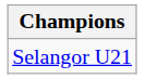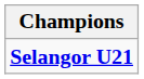 <table class="wikitable" style="text-align: center; margin: 0 auto;">
 <tr>
 <th>Champions</th>
 </tr>
 <tr>
-<td> <a href='#'>Selangor U21</a></td>
+<td><strong> <a href='#'>Selangor U21</a></strong></td>
 </tr>
 </table>
